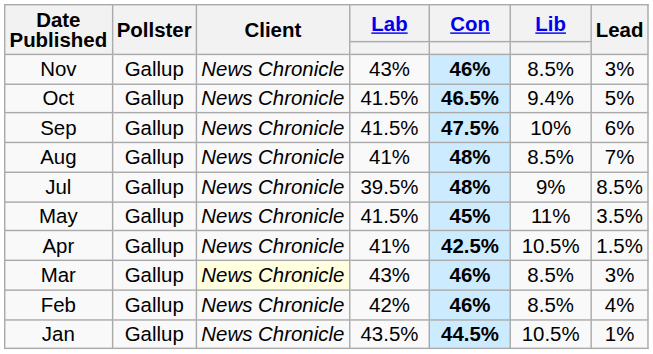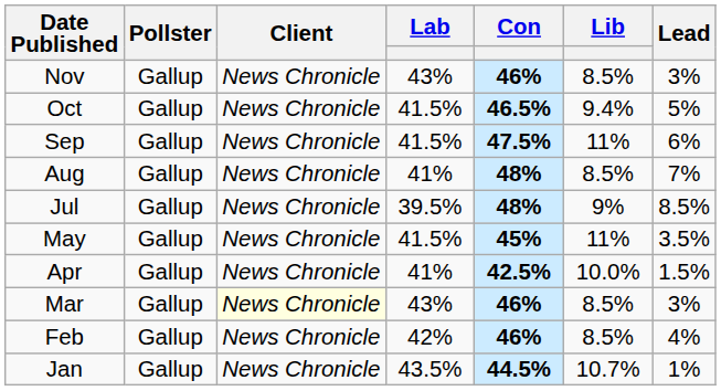 <table class="wikitable sortable mw-datatable" style="text-align:center;font-size:90%;line-height:14px;">
 <tr>
 <th rowspan="2">Date<br>Published</th>
 <th rowspan="2">Pollster</th>
 <th rowspan="2">Client</th>
 <th class="unsortable" style="width:50px;"><a href='#'>Lab</a></th>
 <th class="unsortable" style="width:50px;"><a href='#'>Con</a></th>
 <th class="unsortable" style="width:50px;"><a href='#'>Lib</a></th>
 <th rowspan="2">Lead</th>
 </tr>
 <tr>
 <th style="background:"></th>
 <th style="background:"></th>
 <th style="background:"></th>
 </tr>
 <tr>
 <td>Nov</td>
 <td>Gallup</td>
 <td><em>News Chronicle</em></td>
 <td>43%</td>
 <td style="background:#CCEBFF;"><strong>46%</strong></td>
 <td>8.5%</td>
 <td style="background:">3%</td>
 </tr>
 <tr>
 <td>Oct</td>
 <td>Gallup</td>
 <td><em>News Chronicle</em></td>
 <td>41.5%</td>
 <td style="background:#CCEBFF;"><strong>46.5%</strong></td>
 <td>9.4%</td>
 <td style="background:">5%</td>
 </tr>
 <tr>
 <td>Sep</td>
 <td>Gallup</td>
 <td><em>News Chronicle</em></td>
 <td>41.5%</td>
 <td style="background:#CCEBFF;"><strong>47.5%</strong></td>
-<td>10%</td>
+<td>11%</td>
 <td style="background:">6%</td>
 </tr>
 <tr>
 <td>Aug</td>
 <td>Gallup</td>
 <td><em>News Chronicle</em></td>
 <td>41%</td>
 <td style="background:#CCEBFF;"><strong>48%</strong></td>
 <td>8.5%</td>
 <td style="background:">7%</td>
 </tr>
 <tr>
 <td>Jul</td>
 <td>Gallup</td>
 <td><em>News Chronicle</em></td>
 <td>39.5%</td>
 <td style="background:#CCEBFF;"><strong>48%</strong></td>
 <td>9%</td>
 <td style="background:">8.5%</td>
 </tr>
 <tr>
 <td>May</td>
 <td>Gallup</td>
 <td><em>News Chronicle</em></td>
 <td>41.5%</td>
 <td style="background:#CCEBFF;"><strong>45%</strong></td>
 <td>11%</td>
 <td style="background:">3.5%</td>
 </tr>
 <tr>
 <td>Apr</td>
 <td>Gallup</td>
 <td><em>News Chronicle</em></td>
 <td>41%</td>
 <td style="background:#CCEBFF;"><strong>42.5%</strong></td>
-<td>10.5%</td>
+<td>10.0%</td>
 <td style="background:">1.5%</td>
 </tr>
 <tr>
 <td>Mar</td>
 <td>Gallup</td>
 <td style="background: lightyellow;"><em>News Chronicle</em></td>
 <td>43%</td>
 <td style="background:#CCEBFF;"><strong>46%</strong></td>
 <td>8.5%</td>
 <td style="background:">3%</td>
 </tr>
 <tr>
 <td>Feb</td>
 <td>Gallup</td>
 <td><em>News Chronicle</em></td>
 <td>42%</td>
 <td style="background:#CCEBFF;"><strong>46%</strong></td>
 <td>8.5%</td>
 <td style="background:">4%</td>
 </tr>
 <tr>
 <td>Jan</td>
 <td>Gallup</td>
 <td><em>News Chronicle</em></td>
 <td>43.5%</td>
 <td style="background:#CCEBFF;"><strong>44.5%</strong></td>
-<td>10.5%</td>
+<td>10.7%</td>
 <td style="background:">1%</td>
 </tr>
 </table>
